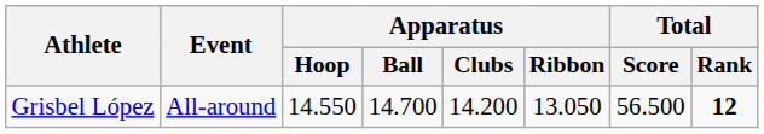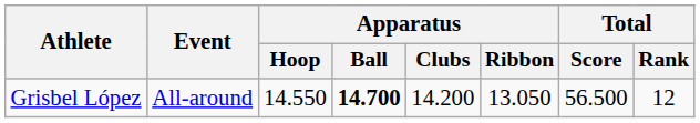 <table class=wikitable style=font-size:90%;text-align:center>
 <tr>
 <th rowspan=2>Athlete</th>
 <th rowspan=2>Event</th>
 <th colspan=4>Apparatus</th>
 <th colspan=2>Total</th>
 </tr>
 <tr style=font-size:95%>
 <th>Hoop</th>
 <th>Ball</th>
 <th>Clubs</th>
 <th>Ribbon</th>
 <th>Score</th>
 <th>Rank</th>
 </tr>
 <tr>
 <td align=left><a href='#'>Grisbel López</a></td>
 <td align=left><a href='#'>All-around</a></td>
 <td>14.550</td>
-<td>14.700</td>
+<td><strong>14.700</strong></td>
 <td>14.200</td>
 <td>13.050</td>
 <td>56.500</td>
-<td><strong>12</strong></td>
+<td>12</td>
 </tr>
 </table>
